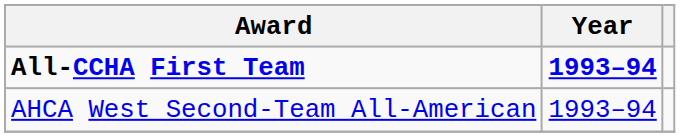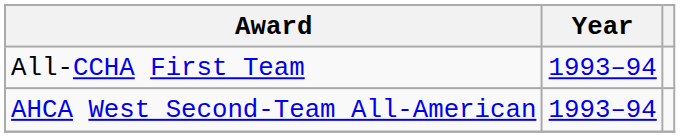 <table class="wikitable">
 <tr>
 <th>Award</th>
 <th>Year</th>
 <th></th>
 </tr>
 <tr>
-<td><strong>All-<a href='#'>CCHA</a> <a href='#'>First Team</a></strong></td>
-<td><strong><a href='#'>1993–94</a></strong></td>
+<td>All-<a href='#'>CCHA</a> <a href='#'>First Team</a></td>
+<td><a href='#'>1993–94</a></td>
 <td></td>
 </tr>
 <tr>
 <td><a href='#'>AHCA</a> <a href='#'>West Second-Team All-American</a></td>
 <td><a href='#'>1993–94</a></td>
 <td></td>
 </tr>
 <tr>
 </tr>
 </table>
